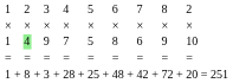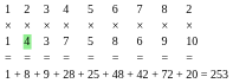 <table>
 <tr>
 <td>1</td>
 <td></td>
 <td>2</td>
 <td></td>
 <td>3</td>
 <td></td>
 <td>4</td>
 <td></td>
 <td>5</td>
 <td></td>
 <td>6</td>
 <td></td>
 <td>7</td>
 <td></td>
 <td>8</td>
 <td></td>
 <td>2</td>
 </tr>
 <tr>
 <td>×</td>
 <td></td>
 <td>×</td>
 <td></td>
 <td>×</td>
 <td></td>
 <td>×</td>
 <td></td>
 <td>×</td>
 <td></td>
 <td>×</td>
 <td></td>
 <td>×</td>
 <td></td>
 <td>×</td>
 <td></td>
 <td>×</td>
 </tr>
 <tr>
 <td>1</td>
 <td></td>
 <td style="background: lightgreen;">4</td>
 <td></td>
-<td>9</td>
+<td>3</td>
 <td></td>
 <td>7</td>
 <td></td>
 <td>5</td>
 <td></td>
 <td>8</td>
 <td></td>
 <td>6</td>
 <td></td>
 <td>9</td>
 <td></td>
 <td>10</td>
 </tr>
 <tr>
 <td>=</td>
 <td></td>
 <td>=</td>
 <td></td>
 <td>=</td>
 <td></td>
 <td>=</td>
 <td></td>
 <td>=</td>
 <td></td>
 <td>=</td>
 <td></td>
 <td>=</td>
 <td></td>
 <td>=</td>
 <td></td>
 <td>=</td>
 </tr>
 <tr>
 <td>1</td>
 <td>+</td>
 <td>8</td>
 <td>+</td>
-<td>3</td>
+<td>9</td>
 <td>+</td>
 <td>28</td>
 <td>+</td>
 <td>25</td>
 <td>+</td>
 <td>48</td>
 <td>+</td>
 <td>42</td>
 <td>+</td>
 <td>72</td>
 <td>+</td>
 <td>20</td>
 <td>=</td>
-<td>251</td>
+<td>253</td>
 </tr>
 </table>
